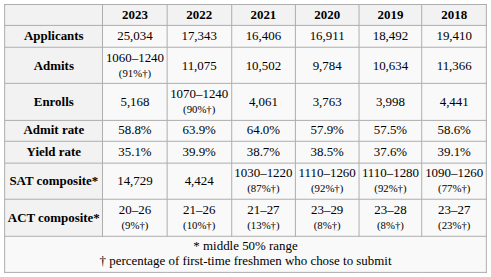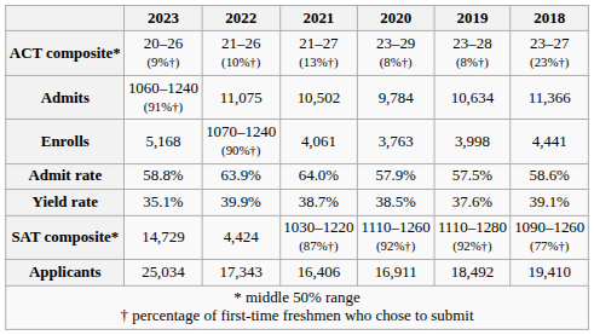 <table style="float:right; margin:10px; text-align:center; font-size:85%; margin:auto;" class="wikitable">
 <tr>
 <th> </th>
 <th>2023</th>
 <th>2022</th>
 <th>2021</th>
 <th>2020</th>
 <th>2019</th>
 <th>2018</th>
 </tr>
 <tr>
-<th scope = "row">Applicants</th>
-<td>25,034</td>
-<td>17,343</td>
-<td>16,406</td>
-<td>16,911</td>
-<td>18,492</td>
-<td>19,410</td>
+<th>ACT composite*</th>
+<td>20–26<br><small>(9%†)</small></td>
+<td>21–26<br><small>(10%†)</small></td>
+<td>21–27<br><small>(13%†)</small></td>
+<td>23–29<br><small>(8%†)</small></td>
+<td>23–28<br><small>(8%†)</small></td>
+<td>23–27<br><small>(23%†)</small></td>
 </tr>
 <tr>
 <th scope = "row">Admits</th>
 <td>1060⁠–1240<br><small>(91%†)</small></td>
 <td>11,075</td>
 <td>10,502</td>
 <td>9,784</td>
 <td>10,634</td>
 <td>11,366</td>
 </tr>
 <tr>
 <th scope = "row">Enrolls</th>
 <td>5,168</td>
 <td>1070⁠–1240<br><small>(90%†)</small></td>
 <td>4,061</td>
 <td>3,763</td>
 <td>3,998</td>
 <td>4,441</td>
 </tr>
 <tr>
 <th scope = "row">Admit rate</th>
 <td>58.8%</td>
 <td>63.9%</td>
 <td>64.0%</td>
 <td>57.9%</td>
 <td>57.5%</td>
 <td>58.6%</td>
 </tr>
 <tr>
 <th scope = "row">Yield rate</th>
 <td>35.1%</td>
 <td>39.9%</td>
 <td>38.7%</td>
 <td>38.5%</td>
 <td>37.6%</td>
 <td>39.1%</td>
 </tr>
 <tr>
 <th scope = "row">SAT composite*</th>
 <td>14,729</td>
 <td>4,424</td>
 <td>1030⁠–1220<br><small>(87%†)</small></td>
 <td>1110⁠–1260<br><small>(92%†)</small></td>
 <td>1110⁠–1280<br><small>(92%†)</small></td>
 <td>1090⁠–1260<br><small>(77%†)</small></td>
 </tr>
 <tr>
-<th>ACT composite*</th>
-<td>20–26<br><small>(9%†)</small></td>
-<td>21–26<br><small>(10%†)</small></td>
-<td>21–27<br><small>(13%†)</small></td>
-<td>23–29<br><small>(8%†)</small></td>
-<td>23–28<br><small>(8%†)</small></td>
-<td>23–27<br><small>(23%†)</small></td>
+<th scope = "row">Applicants</th>
+<td>25,034</td>
+<td>17,343</td>
+<td>16,406</td>
+<td>16,911</td>
+<td>18,492</td>
+<td>19,410</td>
 </tr>
 <tr>
 <td colspan=7>* middle 50% range<br> † percentage of first-time freshmen who chose to submit</td>
 </tr>
 </table>
